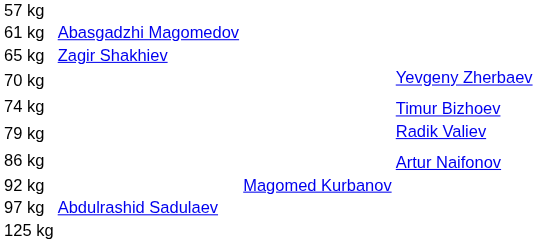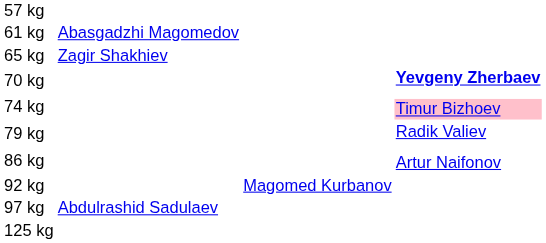 <table>
 <tr>
 <td rowspan=2>57 kg<br></td>
 <td rowspan=2></td>
 <td rowspan=2></td>
 <td></td>
 </tr>
 <tr>
 <td></td>
 </tr>
 <tr>
 <td rowspan=2>61 kg<br></td>
 <td rowspan=2><a href='#'>Abasgadzhi Magomedov</a><br></td>
 <td rowspan=2></td>
 <td></td>
 </tr>
 <tr>
 <td></td>
 </tr>
 <tr>
 <td rowspan=2>65 kg<br></td>
 <td rowspan=2><a href='#'>Zagir Shakhiev</a><br></td>
 <td rowspan=2></td>
 <td></td>
 </tr>
 <tr>
 <td></td>
 </tr>
 <tr>
 <td rowspan=2>70 kg<br></td>
 <td rowspan=2></td>
 <td rowspan=2></td>
-<td><a href='#'>Yevgeny Zherbaev</a><br></td>
+<td><strong><a href='#'>Yevgeny Zherbaev</a><br></strong></td>
 </tr>
 <tr>
 <td></td>
 </tr>
 <tr>
 <td rowspan=2>74 kg<br></td>
 <td rowspan=2></td>
 <td rowspan=2></td>
 <td></td>
 </tr>
 <tr>
-<td><a href='#'>Timur Bizhoev</a><br></td>
+<td style="background: pink;"><a href='#'>Timur Bizhoev</a><br></td>
 </tr>
 <tr>
 <td rowspan=2>79 kg<br></td>
 <td rowspan=2></td>
 <td rowspan=2></td>
 <td><a href='#'>Radik Valiev</a><br></td>
 </tr>
 <tr>
 <td></td>
 </tr>
 <tr>
 <td rowspan=2>86 kg<br></td>
 <td rowspan=2></td>
 <td rowspan=2></td>
 <td></td>
 </tr>
 <tr>
 <td><a href='#'>Artur Naifonov</a><br></td>
 </tr>
 <tr>
 <td rowspan=2>92 kg<br></td>
 <td rowspan=2></td>
 <td rowspan=2><a href='#'>Magomed Kurbanov</a><br></td>
 <td></td>
 </tr>
 <tr>
 <td></td>
 </tr>
 <tr>
 <td rowspan=2>97 kg<br></td>
 <td rowspan=2><a href='#'>Abdulrashid Sadulaev</a><br></td>
 <td rowspan=2></td>
 <td></td>
 </tr>
 <tr>
 <td></td>
 </tr>
 <tr>
 <td rowspan=2>125 kg<br></td>
 <td rowspan=2></td>
 <td rowspan=2></td>
 <td></td>
 </tr>
 <tr>
 <td></td>
 </tr>
 </table>
